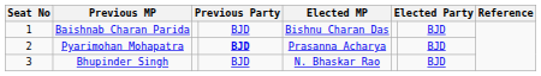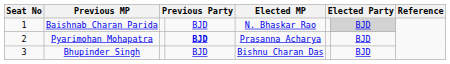 <table class="wikitable">
 <tr>
 <th>Seat No</th>
 <th>Previous MP</th>
 <th colspan=2>Previous Party</th>
 <th>Elected MP</th>
 <th colspan=2>Elected Party</th>
 <th>Reference</th>
 </tr>
 <tr style="text-align:center;">
 <td>1</td>
 <td><a href='#'>Baishnab Charan Parida</a></td>
 <td width="1px"></td>
 <td><a href='#'>BJD</a></td>
-<td><a href='#'>Bishnu Charan Das</a></td>
+<td><a href='#'>N. Bhaskar Rao</a></td>
 <td width="1px"></td>
-<td><a href='#'>BJD</a></td>
+<td style="background: lightgrey;"><a href='#'>BJD</a></td>
 <td rowspan=3></td>
 </tr>
 <tr style="text-align:center;">
 <td>2</td>
 <td><a href='#'>Pyarimohan Mohapatra</a></td>
 <td width="1px"></td>
 <td><strong><a href='#'>BJD</a></strong></td>
 <td><a href='#'>Prasanna Acharya</a></td>
 <td width="1px"></td>
 <td><a href='#'>BJD</a></td>
 </tr>
 <tr style="text-align:center;">
 <td>3</td>
 <td><a href='#'>Bhupinder Singh</a></td>
 <td width="1px"></td>
 <td><a href='#'>BJD</a></td>
-<td><a href='#'>N. Bhaskar Rao</a></td>
+<td><a href='#'>Bishnu Charan Das</a></td>
 <td width="1px"></td>
 <td><a href='#'>BJD</a></td>
 </tr>
 </table>
